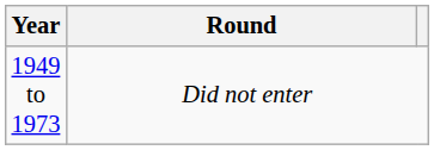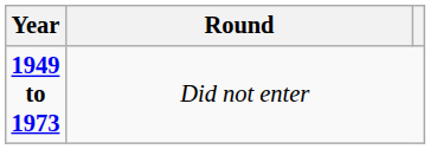 <table class="wikitable" style="text-align: center; font-size:90%">
 <tr>
 <th>Year</th>
 <th style="width:200px">Round</th>
 <th></th>
 </tr>
 <tr>
-<td><a href='#'>1949</a><br>to<br><a href='#'>1973</a></td>
+<td><strong><a href='#'>1949</a><br>to<br><a href='#'>1973</a></strong></td>
 <td colspan="2"><em>Did not enter</em></td>
 </tr>
 </table>
